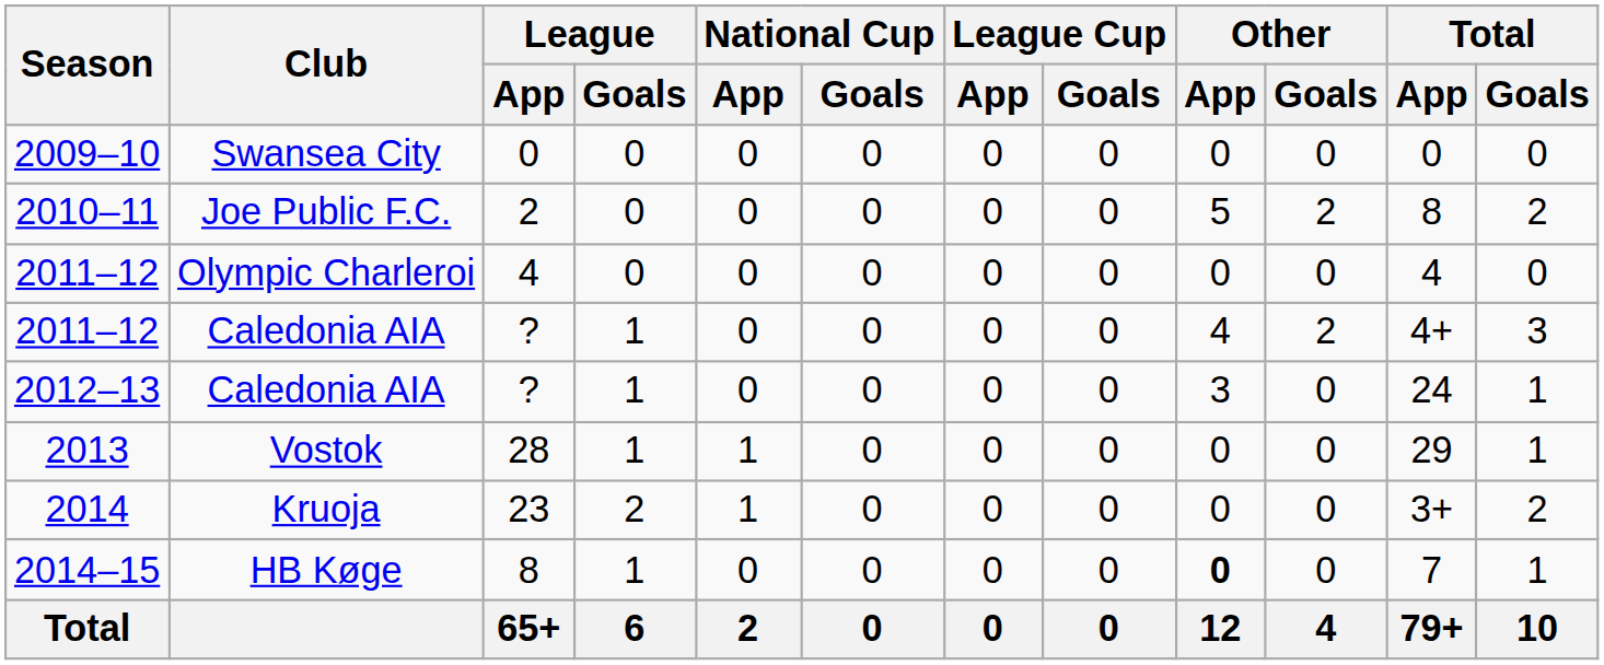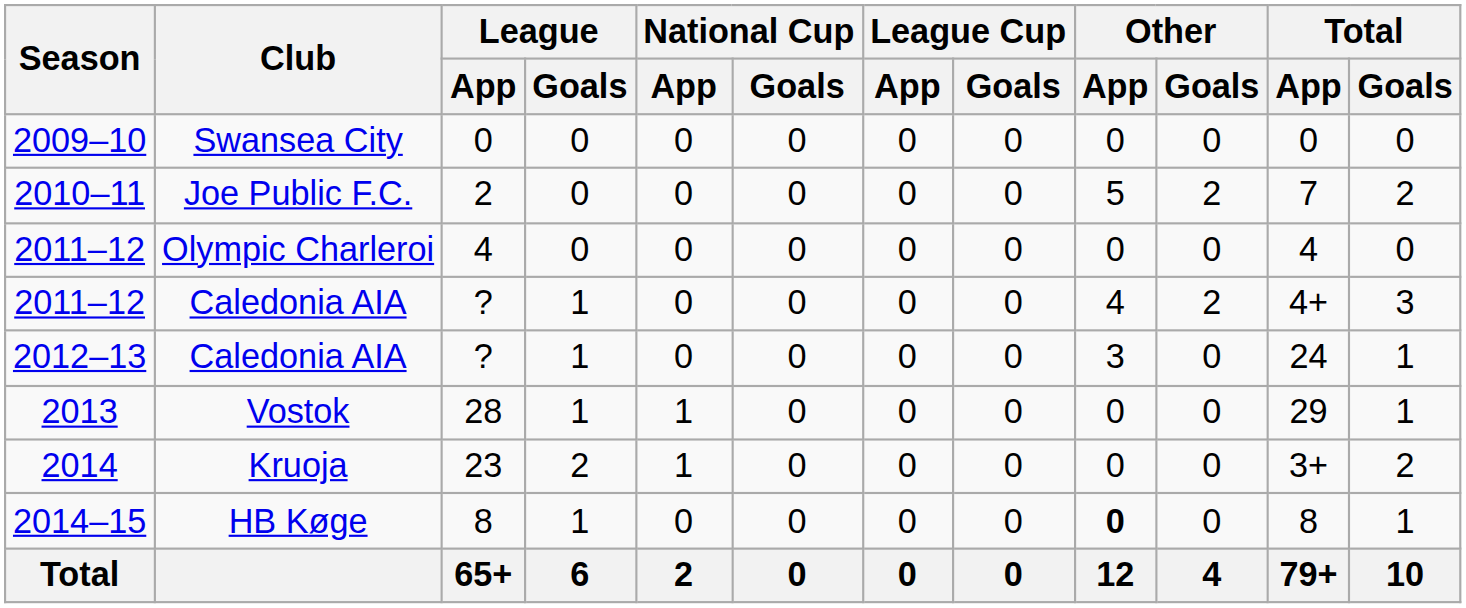 <table class="wikitable">
 <tr>
 <th rowspan=2>Season</th>
 <th rowspan=2>Club</th>
 <th colspan=2>League</th>
 <th colspan=2>National Cup</th>
 <th colspan=2>League Cup</th>
 <th colspan=2>Other</th>
 <th colspan=2>Total</th>
 </tr>
 <tr>
 <th>App</th>
 <th>Goals</th>
 <th>App</th>
 <th>Goals</th>
 <th>App</th>
 <th>Goals</th>
 <th>App</th>
 <th>Goals</th>
 <th>App</th>
 <th>Goals</th>
 </tr>
 <tr align=center>
 <td><a href='#'>2009–10</a></td>
 <td><a href='#'>Swansea City</a></td>
 <td>0</td>
 <td>0</td>
 <td>0</td>
 <td>0</td>
 <td>0</td>
 <td>0</td>
 <td>0</td>
 <td>0</td>
 <td>0</td>
 <td>0</td>
 </tr>
 <tr align=center>
 <td><a href='#'>2010–11</a></td>
 <td><a href='#'>Joe Public F.C.</a></td>
 <td>2</td>
 <td>0</td>
 <td>0</td>
 <td>0</td>
 <td>0</td>
 <td>0</td>
 <td>5</td>
 <td>2</td>
-<td>8</td>
+<td>7</td>
 <td>2</td>
 </tr>
 <tr align=center>
 <td><a href='#'>2011–12</a></td>
 <td><a href='#'>Olympic Charleroi</a></td>
 <td>4</td>
 <td>0</td>
 <td>0</td>
 <td>0</td>
 <td>0</td>
 <td>0</td>
 <td>0</td>
 <td>0</td>
 <td>4</td>
 <td>0</td>
 </tr>
 <tr align=center>
 <td><a href='#'>2011–12</a></td>
 <td><a href='#'>Caledonia AIA</a></td>
 <td>?</td>
 <td>1</td>
 <td>0</td>
 <td>0</td>
 <td>0</td>
 <td>0</td>
 <td>4</td>
 <td>2</td>
 <td>4+</td>
 <td>3</td>
 </tr>
 <tr align=center>
 <td><a href='#'>2012–13</a></td>
 <td><a href='#'>Caledonia AIA</a></td>
 <td>?</td>
 <td>1</td>
 <td>0</td>
 <td>0</td>
 <td>0</td>
 <td>0</td>
 <td>3</td>
 <td>0</td>
 <td>24</td>
 <td>1</td>
 </tr>
 <tr align=center>
 <td><a href='#'>2013</a></td>
 <td><a href='#'>Vostok</a></td>
 <td>28</td>
 <td>1</td>
 <td>1</td>
 <td>0</td>
 <td>0</td>
 <td>0</td>
 <td>0</td>
 <td>0</td>
 <td>29</td>
 <td>1</td>
 </tr>
 <tr align=center>
 <td><a href='#'>2014</a></td>
 <td><a href='#'>Kruoja</a></td>
 <td>23</td>
 <td>2</td>
 <td>1</td>
 <td>0</td>
 <td>0</td>
 <td>0</td>
 <td>0</td>
 <td>0</td>
 <td>3+</td>
 <td>2</td>
 </tr>
 <tr align=center>
 <td><a href='#'>2014–15</a></td>
 <td><a href='#'>HB Køge</a></td>
 <td>8</td>
 <td>1</td>
 <td>0</td>
 <td>0</td>
 <td>0</td>
 <td>0</td>
 <td><strong>0</strong></td>
 <td>0</td>
-<td>7</td>
+<td>8</td>
 <td>1</td>
 </tr>
 <tr align=center>
 <th>Total</th>
 <th></th>
 <th>65+</th>
 <th>6</th>
 <th>2</th>
 <th>0</th>
 <th>0</th>
 <th>0</th>
 <th>12</th>
 <th>4</th>
 <th>79+</th>
 <th>10</th>
 </tr>
 </table>
